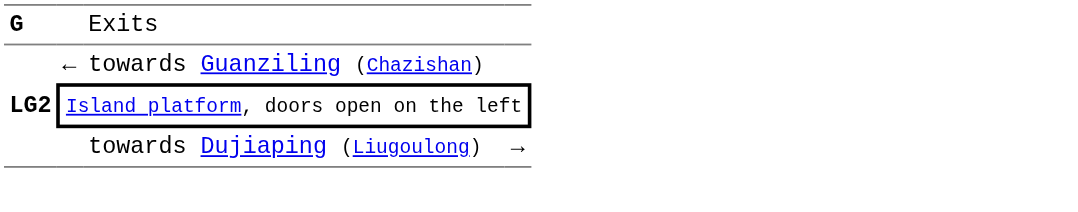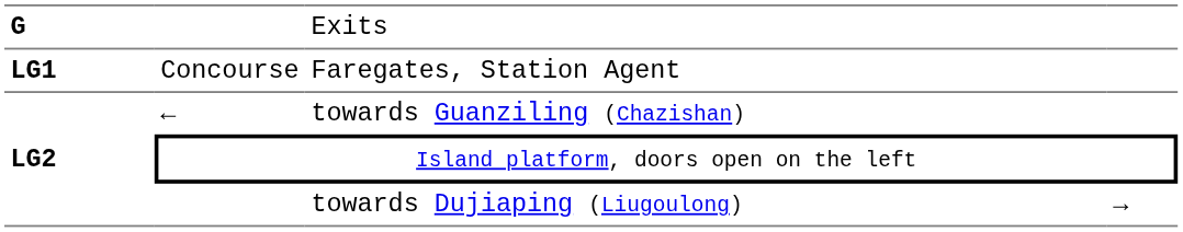 <table table border=0 cellspacing=0 cellpadding=3>
 <tr>
 <td style="border-bottom:solid 1px gray; border-top:solid 1px gray;" valign=top><strong>G</strong></td>
 <td style="border-bottom:solid 1px gray; border-top:solid 1px gray;" valign=top></td>
 <td style="border-bottom:solid 1px gray; border-top:solid 1px gray;" valign=top>Exits</td>
 <td style="border-bottom:solid 1px gray; border-top:solid 1px gray;" valign=top></td>
+</tr>
+<tr>
+<td style="border-bottom:solid 1px gray;" width=70><strong>LG1</strong></td>
+<td style="border-bottom:solid 1px gray;" width=70>Concourse</td>
+<td style="border-bottom:solid 1px gray;" width=400>Faregates, Station Agent</td>
+<td style="border-bottom:solid 1px gray;" width=30></td>
 </tr>
 <tr>
 <td style="border-bottom:solid 1px gray;" rowspan=3><strong>LG2</strong></td>
 <td>←</td>
 <td> towards <a href='#'>Guanziling</a> <small>(<a href='#'>Chazishan</a>)</small></td>
 <td></td>
 </tr>
 <tr>
 <td style="border-right:solid 2px black;border-left:solid 2px black;border-top:solid 2px black;border-bottom:solid 2px black;text-align:center;" colspan=3><small><a href='#'>Island platform</a>, doors open on the left</small></td>
 </tr>
 <tr>
 <td style="border-bottom:solid 1px gray;"></td>
 <td style="border-bottom:solid 1px gray;"> towards <a href='#'>Dujiaping</a> <small>(<a href='#'>Liugoulong</a>)</small></td>
 <td style="border-bottom:solid 1px gray;">→</td>
 </tr>
 <tr>
 </tr>
 </table>
